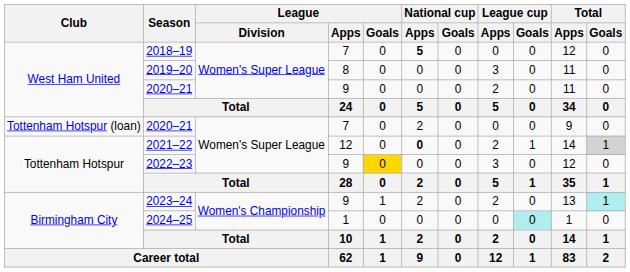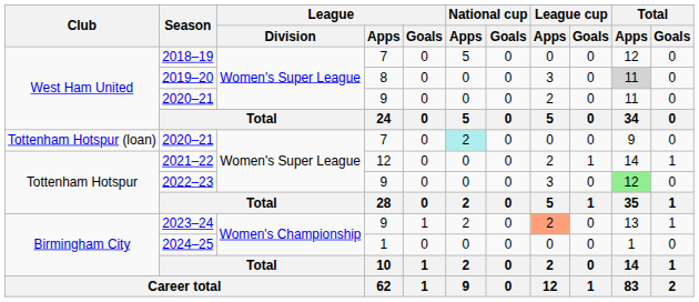 <table class="wikitable" style="text-align:center">
 <tr>
 <th rowspan="2">Club</th>
 <th rowspan="2">Season</th>
 <th colspan="3">League</th>
 <th colspan="2">National cup</th>
 <th colspan="2">League cup</th>
 <th colspan="2">Total</th>
 </tr>
 <tr>
 <th>Division</th>
 <th>Apps</th>
 <th>Goals</th>
 <th>Apps</th>
 <th>Goals</th>
 <th>Apps</th>
 <th>Goals</th>
 <th>Apps</th>
 <th>Goals</th>
 </tr>
 <tr>
 <td rowspan="4"><a href='#'>West Ham United</a></td>
 <td><a href='#'>2018–19</a></td>
 <td rowspan="3"><a href='#'>Women's Super League</a></td>
 <td>7</td>
 <td>0</td>
-<td><strong>5</strong></td>
+<td>5</td>
 <td>0</td>
 <td>0</td>
 <td>0</td>
 <td>12</td>
 <td>0</td>
 </tr>
 <tr>
 <td><a href='#'>2019–20</a></td>
 <td>8</td>
 <td>0</td>
 <td>0</td>
 <td>0</td>
 <td>3</td>
 <td>0</td>
-<td>11</td>
+<td style="background: lightgrey;">11</td>
 <td>0</td>
 </tr>
 <tr>
 <td><a href='#'>2020–21</a></td>
 <td>9</td>
 <td>0</td>
 <td>0</td>
 <td>0</td>
 <td>2</td>
 <td>0</td>
 <td>11</td>
 <td>0</td>
 </tr>
 <tr>
 <th colspan="2">Total</th>
 <th>24</th>
 <th>0</th>
 <th>5</th>
 <th>0</th>
 <th>5</th>
 <th>0</th>
 <th>34</th>
 <th>0</th>
 </tr>
 <tr>
 <td><a href='#'>Tottenham Hotspur</a> (loan)</td>
 <td><a href='#'>2020–21</a></td>
 <td rowspan="3">Women's Super League</td>
 <td>7</td>
 <td>0</td>
-<td>2</td>
+<td style="background: paleturquoise;">2</td>
 <td>0</td>
 <td>0</td>
 <td>0</td>
 <td>9</td>
 <td>0</td>
 </tr>
 <tr>
 <td rowspan="3">Tottenham Hotspur</td>
 <td><a href='#'>2021–22</a></td>
 <td>12</td>
 <td>0</td>
-<td><strong>0</strong></td>
+<td>0</td>
 <td>0</td>
 <td>2</td>
 <td>1</td>
 <td>14</td>
-<td style="background: lightgrey;">1</td>
+<td>1</td>
 </tr>
 <tr>
 <td><a href='#'>2022–23</a></td>
 <td>9</td>
-<td style="background: gold;">0</td>
+<td>0</td>
 <td>0</td>
 <td>0</td>
 <td>3</td>
 <td>0</td>
-<td>12</td>
+<td style="background: lightgreen;">12</td>
 <td>0</td>
 </tr>
 <tr>
 <th colspan="2">Total</th>
 <th>28</th>
 <th>0</th>
 <th>2</th>
 <th>0</th>
 <th>5</th>
 <th>1</th>
 <th>35</th>
 <th>1</th>
 </tr>
 <tr>
 <td rowspan="3"><a href='#'>Birmingham City</a></td>
 <td><a href='#'>2023–24</a></td>
 <td rowspan="2"><a href='#'>Women's Championship</a></td>
 <td>9</td>
 <td>1</td>
 <td>2</td>
 <td>0</td>
-<td>2</td>
+<td style="background: lightsalmon;">2</td>
 <td>0</td>
 <td>13</td>
-<td style="background: paleturquoise;">1</td>
+<td>1</td>
 </tr>
 <tr>
 <td><a href='#'>2024–25</a></td>
 <td>1</td>
 <td>0</td>
 <td>0</td>
 <td>0</td>
 <td>0</td>
-<td style="background: paleturquoise;">0</td>
+<td>0</td>
 <td>1</td>
 <td>0</td>
 </tr>
 <tr>
 <th colspan="2">Total</th>
 <th>10</th>
 <th>1</th>
 <th>2</th>
 <th>0</th>
 <th>2</th>
 <th>0</th>
 <th>14</th>
 <th>1</th>
 </tr>
 <tr>
 <th colspan="3">Career total</th>
 <th>62</th>
 <th>1</th>
 <th>9</th>
 <th>0</th>
 <th>12</th>
 <th>1</th>
 <th>83</th>
 <th>2</th>
 </tr>
 </table>
